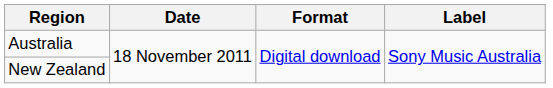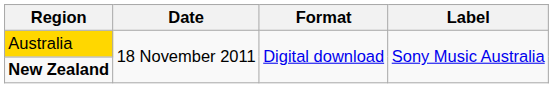 <table class="wikitable">
 <tr>
 <th>Region</th>
 <th>Date</th>
 <th>Format</th>
 <th>Label</th>
 </tr>
 <tr>
-<td>Australia</td>
+<td style="background: gold;">Australia</td>
 <td rowspan="2">18 November 2011</td>
 <td rowspan="2"><a href='#'>Digital download</a></td>
 <td rowspan="2"><a href='#'>Sony Music Australia</a></td>
 </tr>
 <tr>
-<td>New Zealand</td>
+<td><strong>New Zealand</strong></td>
 </tr>
 </table>
